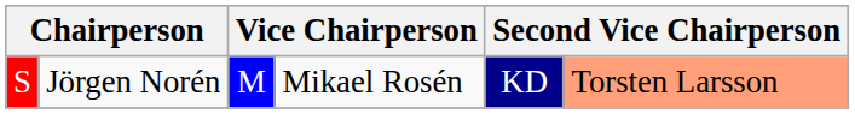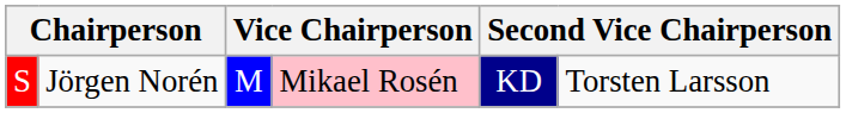 <table class="wikitable">
 <tr>
 <th colspan="2">Chairperson</th>
 <th colspan="2">Vice Chairperson</th>
 <th colspan="2">Second Vice Chairperson</th>
 </tr>
 <tr>
 <td bgcolor="red"  style="text-align: center; color: white">S</td>
 <td>Jörgen Norén</td>
 <td bgcolor="blue"  style="text-align: center; color: white">M</td>
-<td>Mikael Rosén</td>
+<td style="background: pink;">Mikael Rosén</td>
 <td bgcolor="darkblue"  style="text-align: center; color: white">KD</td>
-<td style="background: lightsalmon;">Torsten Larsson</td>
+<td>Torsten Larsson</td>
 </tr>
 </table>
